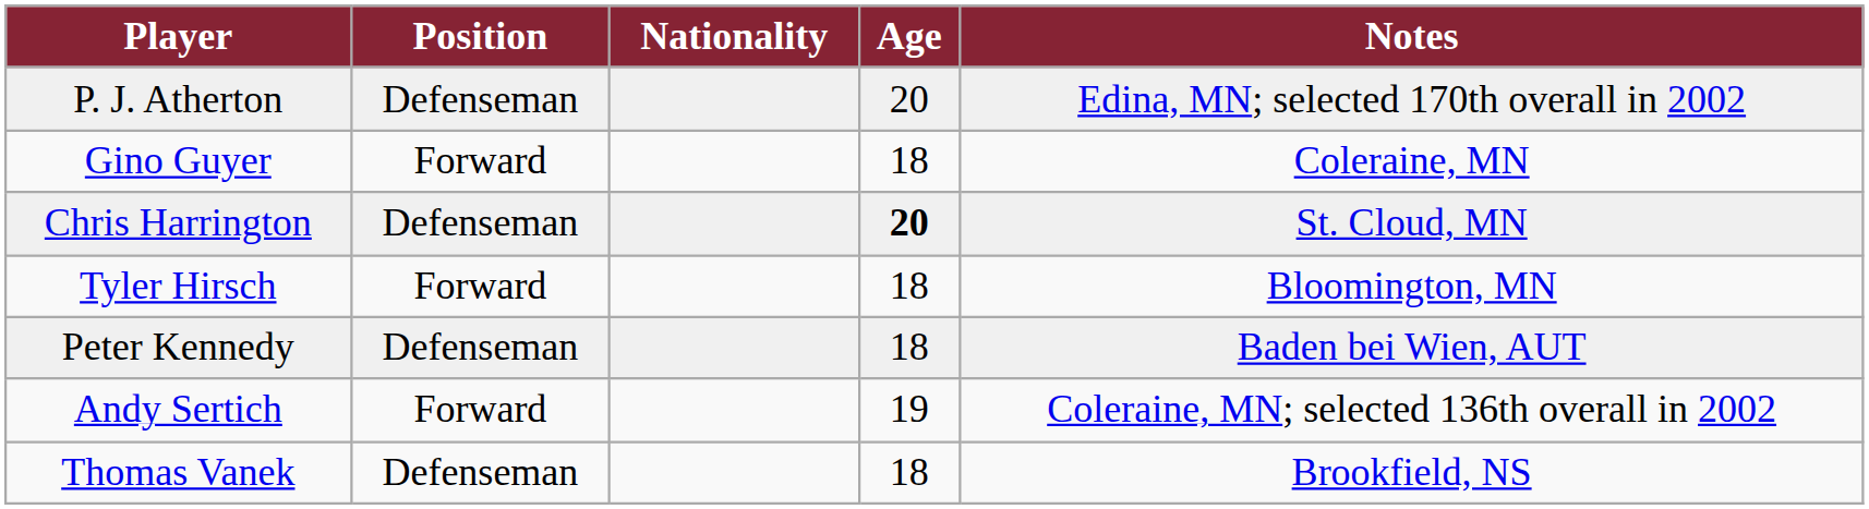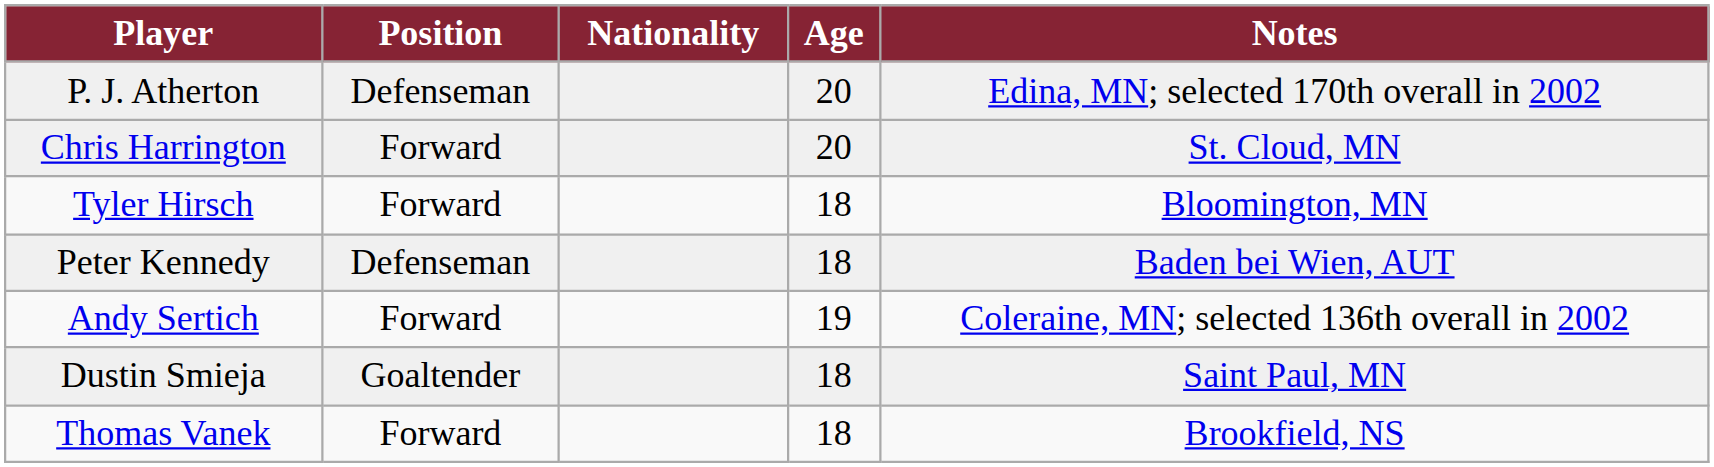 <table class="wikitable" width="60%">
 <tr>
 <th style="color:white; background:#862334; ">Player</th>
 <th style="color:white; background:#862334; ">Position</th>
 <th style="color:white; background:#862334; ">Nationality</th>
 <th style="color:white; background:#862334; ">Age</th>
 <th style="color:white; background:#862334; ">Notes</th>
 </tr>
 <tr align="center" bgcolor="f0f0f0">
 <td>P. J. Atherton</td>
 <td>Defenseman</td>
 <td></td>
 <td>20</td>
 <td><a href='#'>Edina, MN</a>; selected 170th overall in <a href='#'>2002</a></td>
 </tr>
-<tr align="center" bgcolor="">
-<td><a href='#'>Gino Guyer</a></td>
+<tr align="center" bgcolor="f0f0f0">
+<td><a href='#'>Chris Harrington</a></td>
 <td>Forward</td>
 <td></td>
-<td>18</td>
-<td><a href='#'>Coleraine, MN</a></td>
-</tr>
-<tr align="center" bgcolor="f0f0f0">
-<td><a href='#'>Chris Harrington</a></td>
-<td>Defenseman</td>
-<td></td>
-<td><strong>20</strong></td>
+<td>20</td>
 <td><a href='#'>St. Cloud, MN</a></td>
 </tr>
 <tr align="center" bgcolor="">
 <td><a href='#'>Tyler Hirsch</a></td>
 <td>Forward</td>
 <td></td>
 <td>18</td>
 <td><a href='#'>Bloomington, MN</a></td>
 </tr>
 <tr align="center" bgcolor="f0f0f0">
 <td>Peter Kennedy</td>
 <td>Defenseman</td>
 <td></td>
 <td>18</td>
 <td><a href='#'>Baden bei Wien, AUT</a></td>
 </tr>
 <tr align="center" bgcolor="">
 <td><a href='#'>Andy Sertich</a></td>
 <td>Forward</td>
 <td></td>
 <td>19</td>
 <td><a href='#'>Coleraine, MN</a>; selected 136th overall in <a href='#'>2002</a></td>
 </tr>
+<tr align="center" bgcolor="f0f0f0">
+<td>Dustin Smieja</td>
+<td>Goaltender</td>
+<td></td>
+<td>18</td>
+<td><a href='#'>Saint Paul, MN</a></td>
+</tr>
 <tr align="center" bgcolor="">
 <td><a href='#'>Thomas Vanek</a></td>
-<td>Defenseman</td>
+<td>Forward</td>
 <td></td>
 <td>18</td>
 <td><a href='#'>Brookfield, NS</a></td>
 </tr>
 </table>
